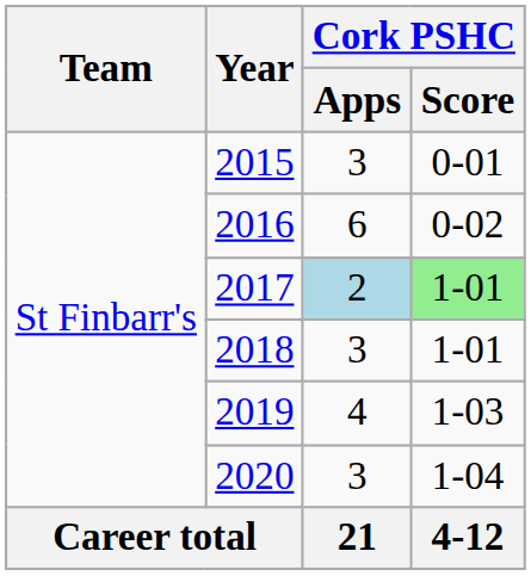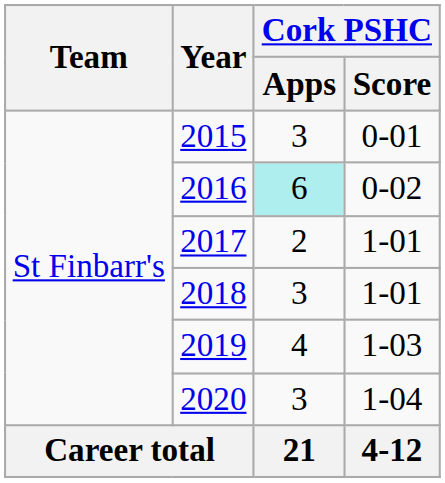 <table class="wikitable" style="text-align:center">
 <tr>
 <th rowspan="2">Team</th>
 <th rowspan="2">Year</th>
 <th colspan="2"><a href='#'>Cork PSHC</a></th>
 </tr>
 <tr>
 <th>Apps</th>
 <th>Score</th>
 </tr>
 <tr>
 <td rowspan="6"><a href='#'>St Finbarr's</a></td>
 <td><a href='#'>2015</a></td>
 <td>3</td>
 <td>0-01</td>
 </tr>
 <tr>
 <td><a href='#'>2016</a></td>
-<td>6</td>
+<td style="background: paleturquoise;">6</td>
 <td>0-02</td>
 </tr>
 <tr>
 <td><a href='#'>2017</a></td>
-<td style="background: lightblue;">2</td>
-<td style="background: lightgreen;">1-01</td>
+<td>2</td>
+<td>1-01</td>
 </tr>
 <tr>
 <td><a href='#'>2018</a></td>
 <td>3</td>
 <td>1-01</td>
 </tr>
 <tr>
 <td><a href='#'>2019</a></td>
 <td>4</td>
 <td>1-03</td>
 </tr>
 <tr>
 <td><a href='#'>2020</a></td>
 <td>3</td>
 <td>1-04</td>
 </tr>
 <tr>
 <th colspan="2">Career total</th>
 <th>21</th>
 <th>4-12</th>
 </tr>
 </table>
